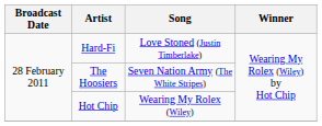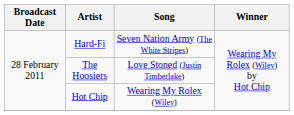 <table class="wikitable" style="text-align:center" width=75%>
 <tr>
 <th>Broadcast Date</th>
 <th>Artist</th>
 <th>Song</th>
 <th>Winner</th>
 </tr>
 <tr>
 <td rowspan="3">28 February 2011</td>
 <td><a href='#'>Hard-Fi</a></td>
-<td><a href='#'>Love Stoned</a> <small>(<a href='#'>Justin Timberlake</a>)</small></td>
+<td><a href='#'>Seven Nation Army</a> <small>(<a href='#'>The White Stripes</a>)</small></td>
 <td rowspan="3"><a href='#'>Wearing My Rolex</a> <small>(<a href='#'>Wiley</a>)</small><br>by<br><a href='#'>Hot Chip</a></td>
 </tr>
 <tr>
 <td><a href='#'>The Hoosiers</a></td>
-<td><a href='#'>Seven Nation Army</a> <small>(<a href='#'>The White Stripes</a>)</small></td>
+<td><a href='#'>Love Stoned</a> <small>(<a href='#'>Justin Timberlake</a>)</small></td>
 </tr>
 <tr>
 <td><a href='#'>Hot Chip</a></td>
 <td><a href='#'>Wearing My Rolex</a> <small>(<a href='#'>Wiley</a>)</small></td>
 </tr>
 <tr>
 </tr>
 </table>
